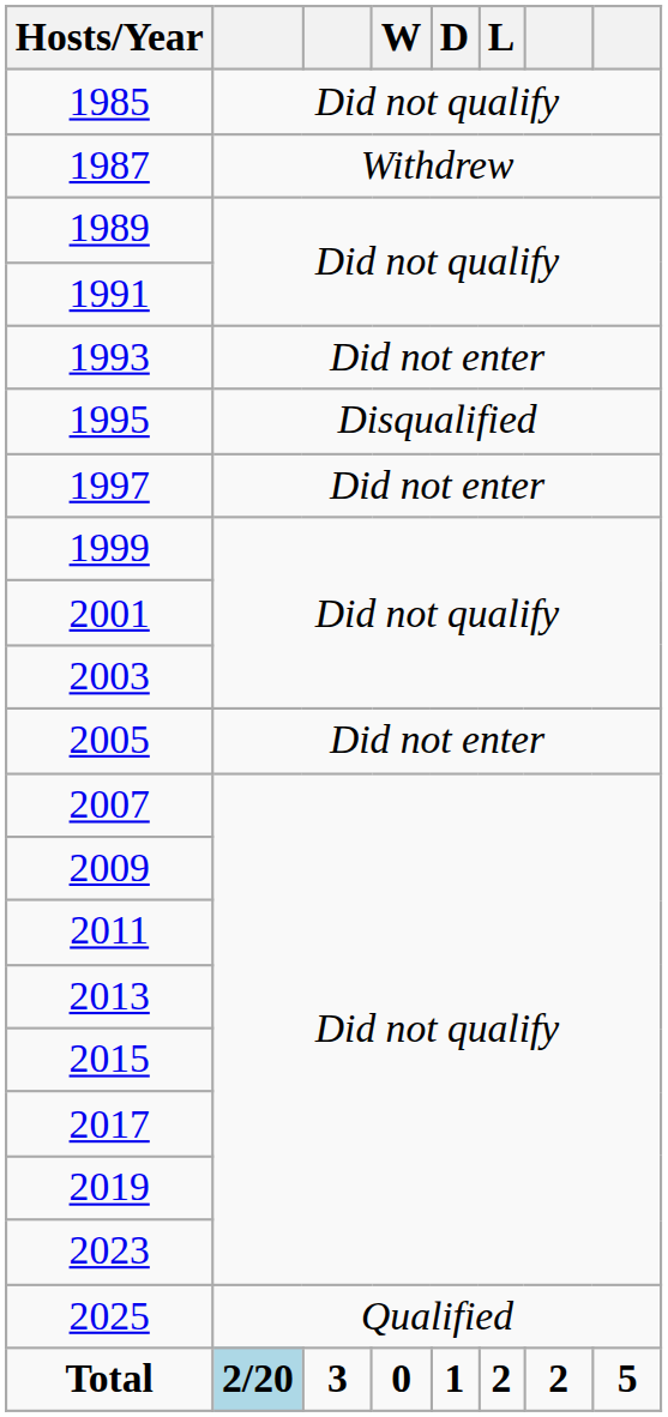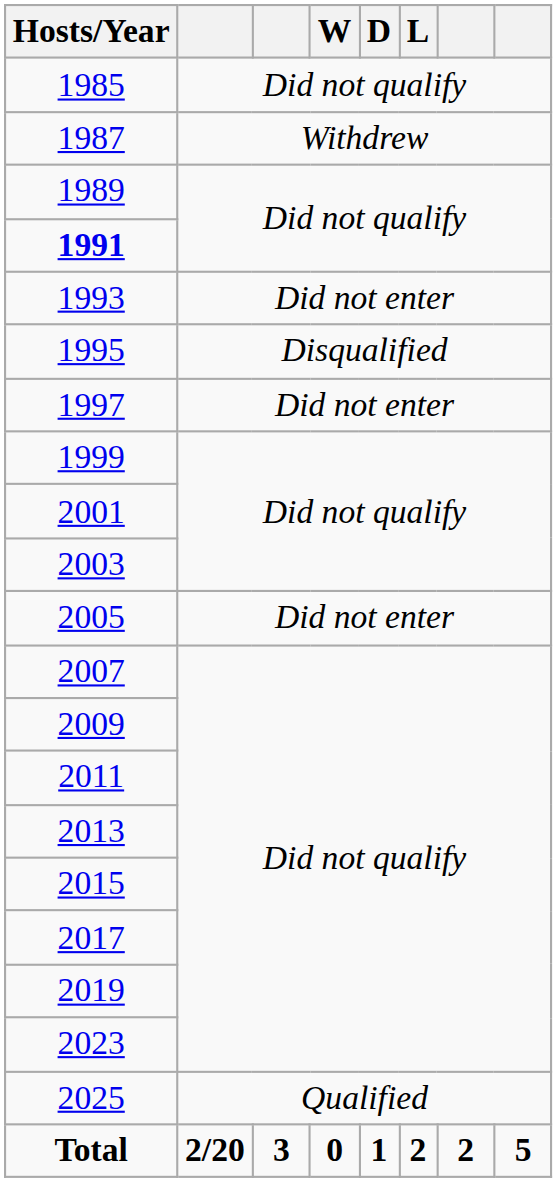 <table class="wikitable" style="text-align: center;">
 <tr>
 <th>Hosts/Year</th>
 <th width=20></th>
 <th width=20></th>
 <th>W</th>
 <th>D</th>
 <th>L</th>
 <th width=20></th>
 <th width=20></th>
 </tr>
 <tr>
 <td> <a href='#'>1985</a></td>
 <td colspan=7><em>Did not qualify</em></td>
 </tr>
 <tr>
 <td> <a href='#'>1987</a></td>
 <td colspan=7><em>Withdrew</em></td>
 </tr>
 <tr>
 <td> <a href='#'>1989</a></td>
 <td colspan=7 rowspan=2><em>Did not qualify</em></td>
 </tr>
 <tr>
-<td> <a href='#'>1991</a></td>
+<td><strong> <a href='#'>1991</a></strong></td>
 </tr>
 <tr>
 <td> <a href='#'>1993</a></td>
 <td colspan=7><em>Did not enter</em></td>
 </tr>
 <tr>
 <td> <a href='#'>1995</a></td>
 <td colspan=7><em>Disqualified</em></td>
 </tr>
 <tr>
 <td> <a href='#'>1997</a></td>
 <td colspan=7><em>Did not enter</em></td>
 </tr>
 <tr>
 <td> <a href='#'>1999</a></td>
 <td colspan=7 rowspan=3><em>Did not qualify</em></td>
 </tr>
 <tr>
 <td> <a href='#'>2001</a></td>
 </tr>
 <tr>
 <td> <a href='#'>2003</a></td>
 </tr>
 <tr>
 <td> <a href='#'>2005</a></td>
 <td colspan=7><em>Did not enter</em></td>
 </tr>
 <tr>
 <td> <a href='#'>2007</a></td>
 <td colspan=7 rowspan=8><em>Did not qualify</em></td>
 </tr>
 <tr>
 <td> <a href='#'>2009</a></td>
 </tr>
 <tr>
 <td> <a href='#'>2011</a></td>
 </tr>
 <tr>
 <td> <a href='#'>2013</a></td>
 </tr>
 <tr>
 <td> <a href='#'>2015</a></td>
 </tr>
 <tr>
 <td> <a href='#'>2017</a></td>
 </tr>
 <tr>
 <td> <a href='#'>2019</a></td>
 </tr>
 <tr>
 <td> <a href='#'>2023</a></td>
 </tr>
 <tr>
 <td> <a href='#'>2025</a></td>
 <td colspan=7><em>Qualified</em></td>
 </tr>
 <tr>
 <td><strong>Total</strong></td>
-<td style="background: lightblue;"><strong>2/20</strong></td>
+<td><strong>2/20</strong></td>
 <td><strong>3</strong></td>
 <td><strong>0</strong></td>
 <td><strong>1</strong></td>
 <td><strong>2</strong></td>
 <td><strong>2</strong></td>
 <td><strong>5</strong></td>
 </tr>
 </table>
